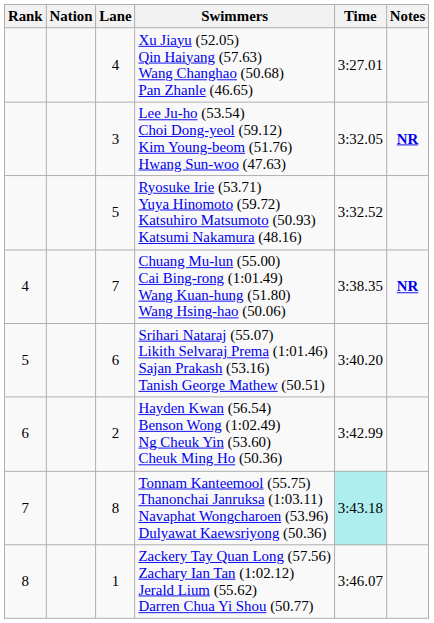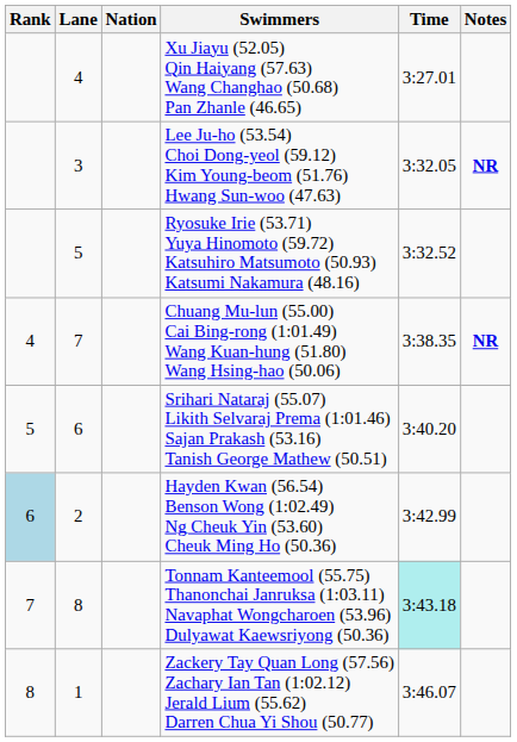 <table class="wikitable sortable" style="text-align:center">
 <tr>
 <th>Rank</th>
+<th>Lane</th>
 <th>Nation</th>
-<th>Lane</th>
 <th>Swimmers</th>
 <th>Time</th>
 <th>Notes</th>
 </tr>
 <tr>
 <td></td>
+<td>4</td>
 <td align=left></td>
-<td>4</td>
 <td align=left><a href='#'>Xu Jiayu</a> (52.05)<br><a href='#'>Qin Haiyang</a> (57.63)<br><a href='#'>Wang Changhao</a> (50.68)<br><a href='#'>Pan Zhanle</a> (46.65)</td>
 <td>3:27.01</td>
 <td></td>
 </tr>
 <tr>
 <td></td>
+<td>3</td>
 <td align=left></td>
-<td>3</td>
 <td align=left><a href='#'>Lee Ju-ho</a> (53.54)<br><a href='#'>Choi Dong-yeol</a> (59.12)<br><a href='#'>Kim Young-beom</a> (51.76)<br><a href='#'>Hwang Sun-woo</a> (47.63)</td>
 <td>3:32.05</td>
 <td><strong><a href='#'>NR</a></strong></td>
 </tr>
 <tr>
 <td></td>
+<td>5</td>
 <td align=left></td>
-<td>5</td>
 <td align=left><a href='#'>Ryosuke Irie</a> (53.71)<br><a href='#'>Yuya Hinomoto</a> (59.72)<br><a href='#'>Katsuhiro Matsumoto</a> (50.93)<br><a href='#'>Katsumi Nakamura</a> (48.16)</td>
 <td>3:32.52</td>
 <td></td>
 </tr>
 <tr>
 <td>4</td>
+<td>7</td>
 <td align=left></td>
-<td>7</td>
 <td align=left><a href='#'>Chuang Mu-lun</a> (55.00)<br><a href='#'>Cai Bing-rong</a> (1:01.49)<br><a href='#'>Wang Kuan-hung</a> (51.80)<br><a href='#'>Wang Hsing-hao</a> (50.06)</td>
 <td>3:38.35</td>
 <td><strong><a href='#'>NR</a></strong></td>
 </tr>
 <tr>
 <td>5</td>
+<td>6</td>
 <td align=left></td>
-<td>6</td>
 <td align=left><a href='#'>Srihari Nataraj</a> (55.07)<br><a href='#'>Likith Selvaraj Prema</a> (1:01.46)<br><a href='#'>Sajan Prakash</a> (53.16)<br><a href='#'>Tanish George Mathew</a> (50.51)</td>
 <td>3:40.20</td>
 <td></td>
 </tr>
 <tr>
-<td>6</td>
+<td style="background: lightblue;">6</td>
+<td>2</td>
 <td align=left></td>
-<td>2</td>
 <td align=left><a href='#'>Hayden Kwan</a> (56.54)<br><a href='#'>Benson Wong</a> (1:02.49)<br><a href='#'>Ng Cheuk Yin</a> (53.60)<br><a href='#'>Cheuk Ming Ho</a> (50.36)</td>
 <td>3:42.99</td>
 <td></td>
 </tr>
 <tr>
 <td>7</td>
+<td>8</td>
 <td align=left></td>
-<td>8</td>
 <td align=left><a href='#'>Tonnam Kanteemool</a> (55.75)<br><a href='#'>Thanonchai Janruksa</a> (1:03.11)<br><a href='#'>Navaphat Wongcharoen</a> (53.96)<br><a href='#'>Dulyawat Kaewsriyong</a> (50.36)</td>
 <td style="background: paleturquoise;">3:43.18</td>
 <td></td>
 </tr>
 <tr>
 <td>8</td>
+<td>1</td>
 <td align=left></td>
-<td>1</td>
 <td align=left><a href='#'>Zackery Tay Quan Long</a> (57.56)<br><a href='#'>Zachary Ian Tan</a> (1:02.12)<br><a href='#'>Jerald Lium</a> (55.62)<br><a href='#'>Darren Chua Yi Shou</a> (50.77)</td>
 <td>3:46.07</td>
 <td></td>
 </tr>
 </table>
